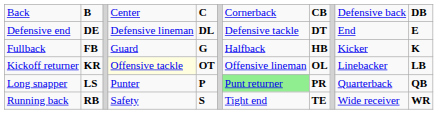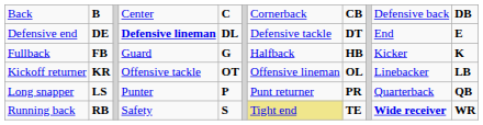 <table class="wikitable">
 <tr>
 <td><a href='#'>Back</a></td>
 <td><strong>B</strong></td>
 <td rowSpan="6" style="background-color:lightgrey;"></td>
 <td><a href='#'>Center</a></td>
 <td><strong>C</strong></td>
 <td rowSpan="6" style="background-color:lightgrey;"></td>
 <td><a href='#'>Cornerback</a></td>
 <td><strong>CB</strong></td>
 <td rowSpan="6" style="background-color:lightgrey;"></td>
 <td><a href='#'>Defensive back</a></td>
 <td><strong>DB</strong></td>
 </tr>
 <tr>
 <td><a href='#'>Defensive end</a></td>
 <td><strong>DE</strong></td>
-<td><a href='#'>Defensive lineman</a></td>
+<td><strong><a href='#'>Defensive lineman</a></strong></td>
 <td><strong>DL</strong></td>
 <td><a href='#'>Defensive tackle</a></td>
 <td><strong>DT</strong></td>
 <td><a href='#'>End</a></td>
 <td><strong>E</strong></td>
 </tr>
 <tr>
 <td><a href='#'>Fullback</a></td>
 <td><strong>FB</strong></td>
 <td><a href='#'>Guard</a></td>
 <td><strong>G</strong></td>
 <td><a href='#'>Halfback</a></td>
 <td><strong>HB</strong></td>
 <td><a href='#'>Kicker</a></td>
 <td><strong>K</strong></td>
 </tr>
 <tr>
 <td><a href='#'>Kickoff returner</a></td>
 <td><strong>KR</strong></td>
-<td style="background: lightyellow;"><a href='#'>Offensive tackle</a></td>
+<td><a href='#'>Offensive tackle</a></td>
 <td><strong>OT</strong></td>
 <td><a href='#'>Offensive lineman</a></td>
 <td><strong>OL</strong></td>
 <td><a href='#'>Linebacker</a></td>
 <td><strong>LB</strong></td>
 </tr>
 <tr>
 <td><a href='#'>Long snapper</a></td>
 <td><strong>LS</strong></td>
 <td><a href='#'>Punter</a></td>
 <td><strong>P</strong></td>
-<td style="background: lightgreen;"><a href='#'>Punt returner</a></td>
+<td><a href='#'>Punt returner</a></td>
 <td><strong>PR</strong></td>
 <td><a href='#'>Quarterback</a></td>
 <td><strong>QB</strong></td>
 </tr>
 <tr>
 <td><a href='#'>Running back</a></td>
 <td><strong>RB</strong></td>
 <td><a href='#'>Safety</a></td>
 <td><strong>S</strong></td>
-<td><a href='#'>Tight end</a></td>
+<td style="background: khaki;"><a href='#'>Tight end</a></td>
 <td><strong>TE</strong></td>
-<td><a href='#'>Wide receiver</a></td>
+<td><strong><a href='#'>Wide receiver</a></strong></td>
 <td><strong>WR</strong></td>
 </tr>
 </table>
